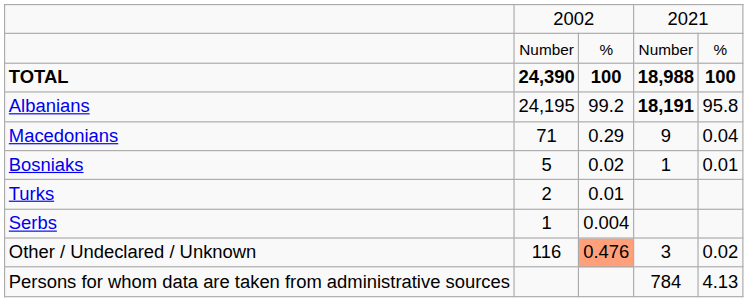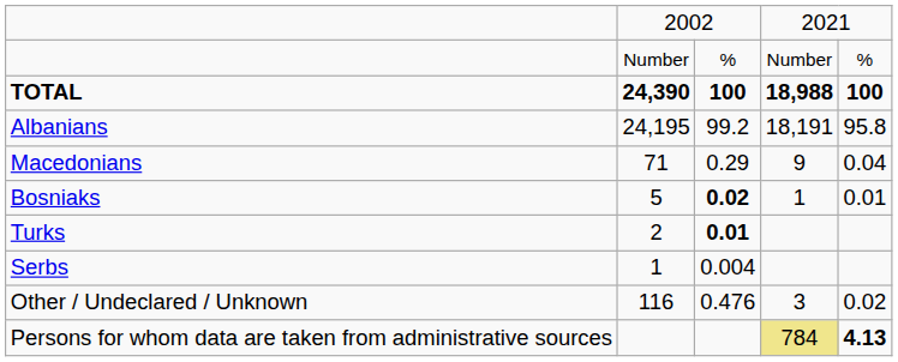 <table class="wikitable">
 <tr>
 <td></td>
 <td colspan="2" align="center">2002</td>
 <td colspan="2" align="center">2021</td>
 </tr>
 <tr>
 <td></td>
 <td align="center"><small>Number</small></td>
 <td align="center"><small>%</small></td>
 <td align="center"><small>Number</small></td>
 <td align="center"><small>%</small></td>
 </tr>
 <tr>
 <td><strong>TOTAL</strong></td>
 <td align="center"><strong>24,390</strong></td>
 <td align="center"><strong>100</strong></td>
 <td align="center"><strong>18,988</strong></td>
 <td align="center"><strong>100</strong></td>
 </tr>
 <tr>
 <td><a href='#'>Albanians</a></td>
 <td align="center">24,195</td>
 <td align="center">99.2</td>
-<td align="center"><strong>18,191</strong></td>
+<td align="center">18,191</td>
 <td align="center">95.8</td>
 </tr>
 <tr>
 <td><a href='#'>Macedonians</a></td>
 <td align="center">71</td>
 <td align="center">0.29</td>
 <td align="center">9</td>
 <td align="center">0.04</td>
 </tr>
 <tr>
 <td><a href='#'>Bosniaks</a></td>
 <td align="center">5</td>
-<td align="center">0.02</td>
+<td align="center"><strong>0.02</strong></td>
 <td align="center">1</td>
 <td align="center">0.01</td>
 </tr>
 <tr>
 <td><a href='#'>Turks</a></td>
 <td align="center">2</td>
-<td align="center">0.01</td>
+<td align="center"><strong>0.01</strong></td>
 <td align="center"></td>
 <td align="center"></td>
 </tr>
 <tr>
 <td><a href='#'>Serbs</a></td>
 <td align="center">1</td>
 <td align="center">0.004</td>
 <td align="center"></td>
 <td align="center"></td>
 </tr>
 <tr>
 <td>Other / Undeclared / Unknown</td>
 <td align="center">116</td>
-<td align="center" style="background: lightsalmon;">0.476</td>
+<td align="center">0.476</td>
 <td align="center">3</td>
 <td align="center">0.02</td>
 </tr>
 <tr>
 <td>Persons for whom data are taken from administrative sources</td>
 <td align="center"></td>
 <td align="center"></td>
-<td align="center">784</td>
-<td align="center">4.13</td>
+<td align="center" style="background: khaki;">784</td>
+<td align="center"><strong>4.13</strong></td>
 </tr>
 </table>
